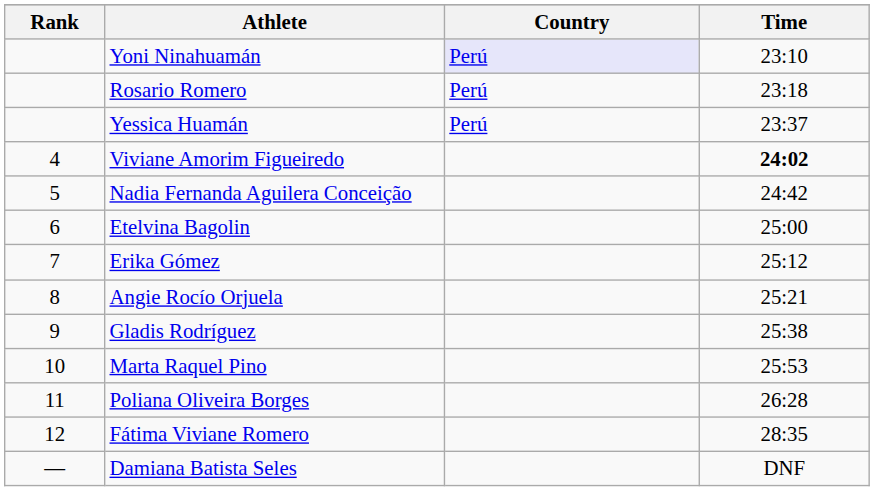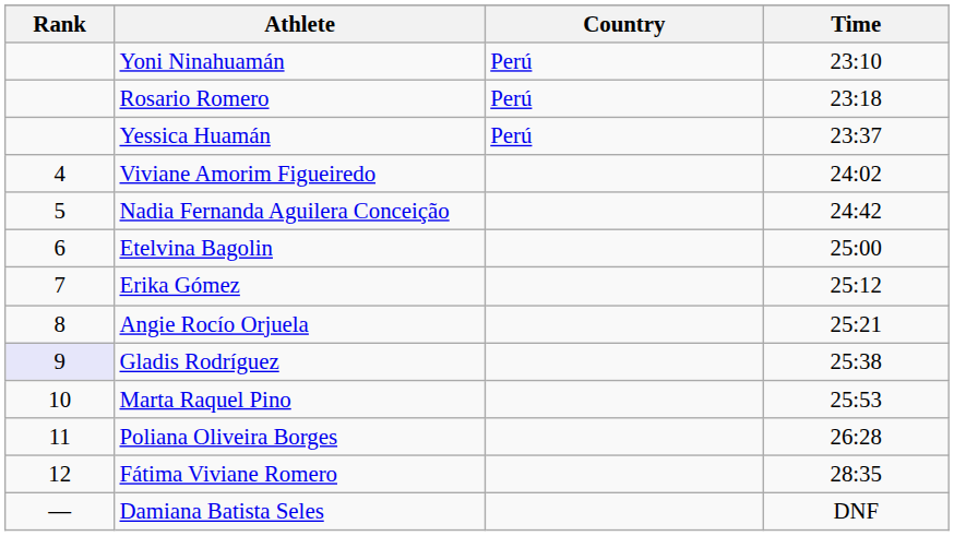 <table class="wikitable sortable" style=" text-align:center; font-size:95%;" width="50%">
 <tr>
 </tr>
 <tr>
 <th width=5%>Rank</th>
 <th width=20%>Athlete</th>
 <th width=15%>Country</th>
 <th width=10%>Time</th>
 </tr>
 <tr>
 <td align=center></td>
 <td align=left><a href='#'>Yoni Ninahuamán</a></td>
-<td align=left style="background: lavender;"> <a href='#'>Perú</a></td>
+<td align=left> <a href='#'>Perú</a></td>
 <td>23:10</td>
 </tr>
 <tr>
 <td align=center></td>
 <td align=left><a href='#'>Rosario Romero</a></td>
 <td align=left> <a href='#'>Perú</a></td>
 <td>23:18</td>
 </tr>
 <tr>
 <td align=center></td>
 <td align=left><a href='#'>Yessica Huamán</a></td>
 <td align=left> <a href='#'>Perú</a></td>
 <td>23:37</td>
 </tr>
 <tr>
 <td align=center>4</td>
 <td align=left><a href='#'>Viviane Amorim Figueiredo</a></td>
 <td align=left></td>
-<td><strong>24:02</strong></td>
+<td>24:02</td>
 </tr>
 <tr>
 <td align=center>5</td>
 <td align=left><a href='#'>Nadia Fernanda Aguilera Conceição</a></td>
 <td align=left></td>
 <td>24:42</td>
 </tr>
 <tr>
 <td align=center>6</td>
 <td align=left><a href='#'>Etelvina Bagolin</a></td>
 <td align=left></td>
 <td>25:00</td>
 </tr>
 <tr>
 <td align=center>7</td>
 <td align=left><a href='#'>Erika Gómez</a></td>
 <td align=left></td>
 <td>25:12</td>
 </tr>
 <tr>
 <td align=center>8</td>
 <td align=left><a href='#'>Angie Rocío Orjuela</a></td>
 <td align=left></td>
 <td>25:21</td>
 </tr>
 <tr>
-<td align=center>9</td>
+<td align=center style="background: lavender;">9</td>
 <td align=left><a href='#'>Gladis Rodríguez</a></td>
 <td align=left></td>
 <td>25:38</td>
 </tr>
 <tr>
 <td align=center>10</td>
 <td align=left><a href='#'>Marta Raquel Pino</a></td>
 <td align=left></td>
 <td>25:53</td>
 </tr>
 <tr>
 <td align=center>11</td>
 <td align=left><a href='#'>Poliana Oliveira Borges</a></td>
 <td align=left></td>
 <td>26:28</td>
 </tr>
 <tr>
 <td align=center>12</td>
 <td align=left><a href='#'>Fátima Viviane Romero</a></td>
 <td align=left></td>
 <td>28:35</td>
 </tr>
 <tr>
 <td align=center>—</td>
 <td align=left><a href='#'>Damiana Batista Seles</a></td>
 <td align=left></td>
 <td>DNF</td>
 </tr>
 </table>
